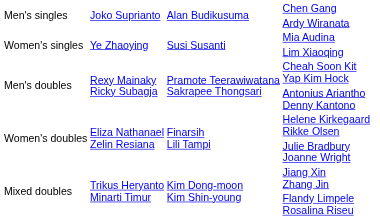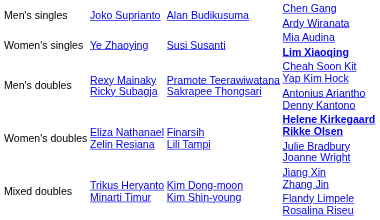 <table>
 <tr>
 <td rowspan=2>Men's singles</td>
 <td rowspan=2> <a href='#'>Joko Suprianto</a></td>
 <td rowspan=2> <a href='#'>Alan Budikusuma</a></td>
 <td> <a href='#'>Chen Gang</a></td>
 </tr>
 <tr>
 <td> <a href='#'>Ardy Wiranata</a></td>
 </tr>
 <tr>
 <td rowspan=2>Women's singles</td>
 <td rowspan=2> <a href='#'>Ye Zhaoying</a></td>
 <td rowspan=2> <a href='#'>Susi Susanti</a></td>
 <td> <a href='#'>Mia Audina</a></td>
 </tr>
 <tr>
-<td> <a href='#'>Lim Xiaoqing</a></td>
+<td><strong> <a href='#'>Lim Xiaoqing</a></strong></td>
 </tr>
 <tr>
 <td rowspan=2>Men's doubles</td>
 <td rowspan=2> <a href='#'>Rexy Mainaky</a><br> <a href='#'>Ricky Subagja</a></td>
 <td rowspan=2> <a href='#'>Pramote Teerawiwatana</a><br> <a href='#'>Sakrapee Thongsari</a></td>
 <td> <a href='#'>Cheah Soon Kit</a><br> <a href='#'>Yap Kim Hock</a></td>
 </tr>
 <tr>
 <td> <a href='#'>Antonius Ariantho</a><br> <a href='#'>Denny Kantono</a></td>
 </tr>
 <tr>
 <td rowspan=2>Women's doubles</td>
 <td rowspan=2> <a href='#'>Eliza Nathanael</a><br> <a href='#'>Zelin Resiana</a></td>
 <td rowspan=2> <a href='#'>Finarsih</a><br> <a href='#'>Lili Tampi</a></td>
-<td> <a href='#'>Helene Kirkegaard</a><br> <a href='#'>Rikke Olsen</a></td>
+<td><strong> <a href='#'>Helene Kirkegaard</a><br> <a href='#'>Rikke Olsen</a></strong></td>
 </tr>
 <tr>
 <td> <a href='#'>Julie Bradbury</a><br> <a href='#'>Joanne Wright</a></td>
 </tr>
 <tr>
 <td rowspan=2>Mixed doubles</td>
 <td rowspan=2> <a href='#'>Trikus Heryanto</a><br> <a href='#'>Minarti Timur</a></td>
 <td rowspan=2> <a href='#'>Kim Dong-moon</a><br> <a href='#'>Kim Shin-young</a></td>
 <td> <a href='#'>Jiang Xin</a><br> <a href='#'>Zhang Jin</a></td>
 </tr>
 <tr>
 <td> <a href='#'>Flandy Limpele</a><br> <a href='#'>Rosalina Riseu</a></td>
 </tr>
 </table>
